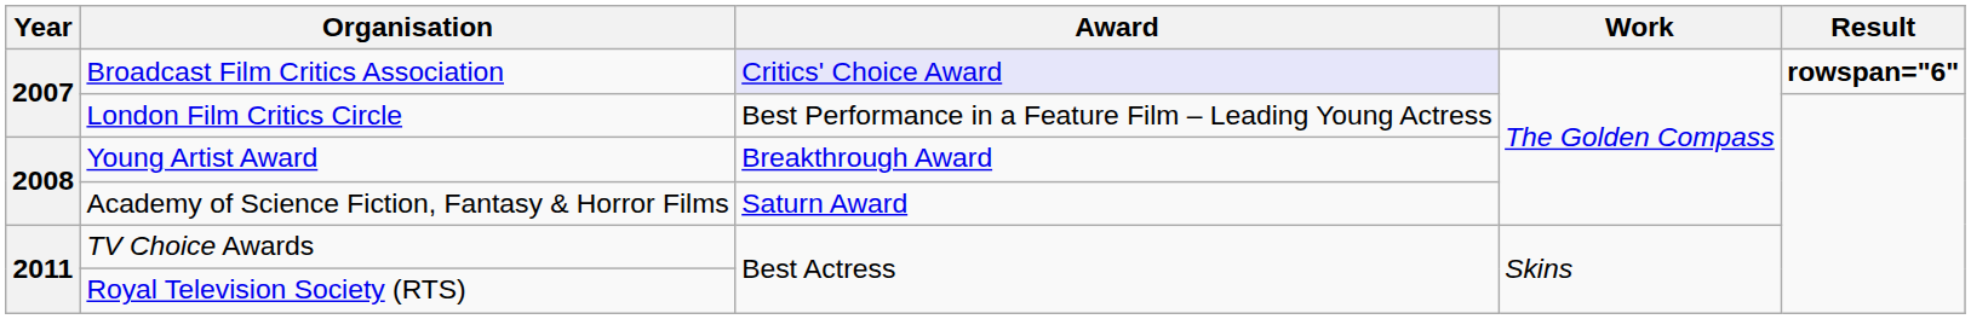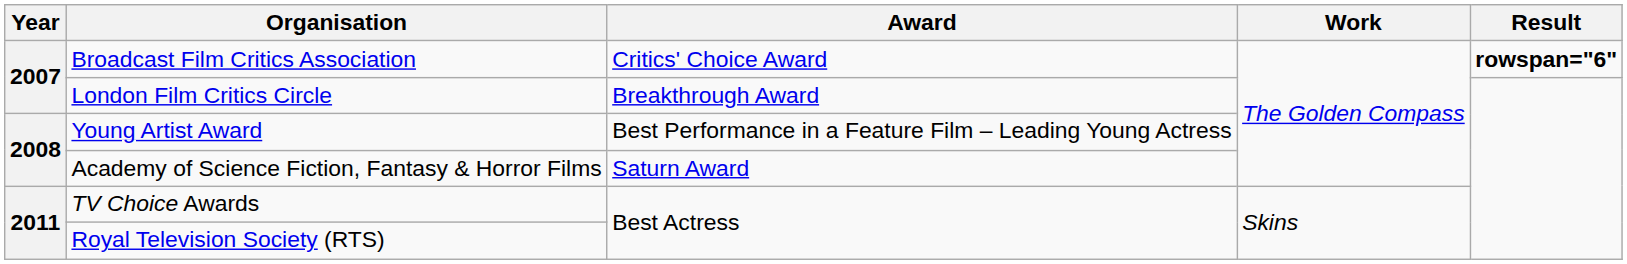 <table class="wikitable sortable">
 <tr>
 <th scope="col">Year</th>
 <th scope="col">Organisation</th>
 <th scope="col">Award</th>
 <th scope="col">Work</th>
 <th scope="col">Result</th>
 </tr>
 <tr>
 <th scope="row" rowspan="2">2007</th>
 <td><a href='#'>Broadcast Film Critics Association</a></td>
-<td style="background: lavender;"><a href='#'>Critics' Choice Award</a></td>
+<td><a href='#'>Critics' Choice Award</a></td>
 <td rowspan="4"><em><a href='#'>The Golden Compass</a></em></td>
 <td><strong>rowspan="6" </strong></td>
 </tr>
 <tr>
 <td><a href='#'>London Film Critics Circle</a></td>
-<td>Best Performance in a Feature Film – Leading Young Actress</td>
+<td><a href='#'>Breakthrough Award</a></td>
 </tr>
 <tr>
 <th scope="row" rowspan="2">2008</th>
 <td><a href='#'>Young Artist Award</a></td>
-<td><a href='#'>Breakthrough Award</a></td>
+<td>Best Performance in a Feature Film – Leading Young Actress</td>
 </tr>
 <tr>
 <td>Academy of Science Fiction, Fantasy & Horror Films</td>
 <td><a href='#'>Saturn Award</a></td>
 </tr>
 <tr>
 <th scope="row" rowspan="2">2011</th>
 <td><em>TV Choice</em> Awards</td>
 <td rowspan="2">Best Actress</td>
 <td rowspan="2"><em>Skins</em></td>
 </tr>
 <tr>
 <td><a href='#'>Royal Television Society</a> (RTS)</td>
 </tr>
 </table>
